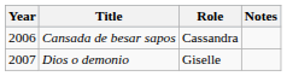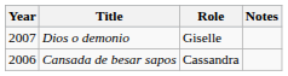 <table class="wikitable">
 <tr style="background:#b0c4de;">
 <th>Year</th>
 <th>Title</th>
 <th>Role</th>
 <th>Notes</th>
 </tr>
 <tr>
+<td>2007</td>
+<td><em>Dios o demonio</em></td>
+<td>Giselle</td>
+<td></td>
+</tr>
+<tr>
 <td>2006</td>
 <td><em>Cansada de besar sapos</em></td>
 <td>Cassandra</td>
 <td></td>
 </tr>
-<tr>
-<td>2007</td>
-<td><em>Dios o demonio</em></td>
-<td>Giselle</td>
-<td></td>
-</tr>
 </table>
